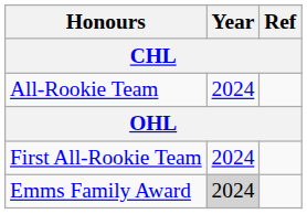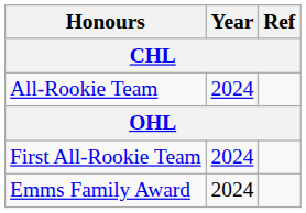 <table class="wikitable">
 <tr>
 <th>Honours</th>
 <th>Year</th>
 <th>Ref</th>
 </tr>
 <tr>
 <th colspan="3"><a href='#'>CHL</a></th>
 </tr>
 <tr>
 <td><a href='#'>All-Rookie Team</a></td>
 <td><a href='#'>2024</a></td>
 <td></td>
 </tr>
 <tr>
 <th colspan="3"><a href='#'>OHL</a></th>
 </tr>
 <tr>
 <td><a href='#'>First All-Rookie Team</a></td>
 <td><a href='#'>2024</a></td>
 <td></td>
 </tr>
 <tr>
 <td><a href='#'>Emms Family Award</a></td>
-<td style="background: lightgrey;">2024</td>
+<td>2024</td>
 <td></td>
 </tr>
 </table>
